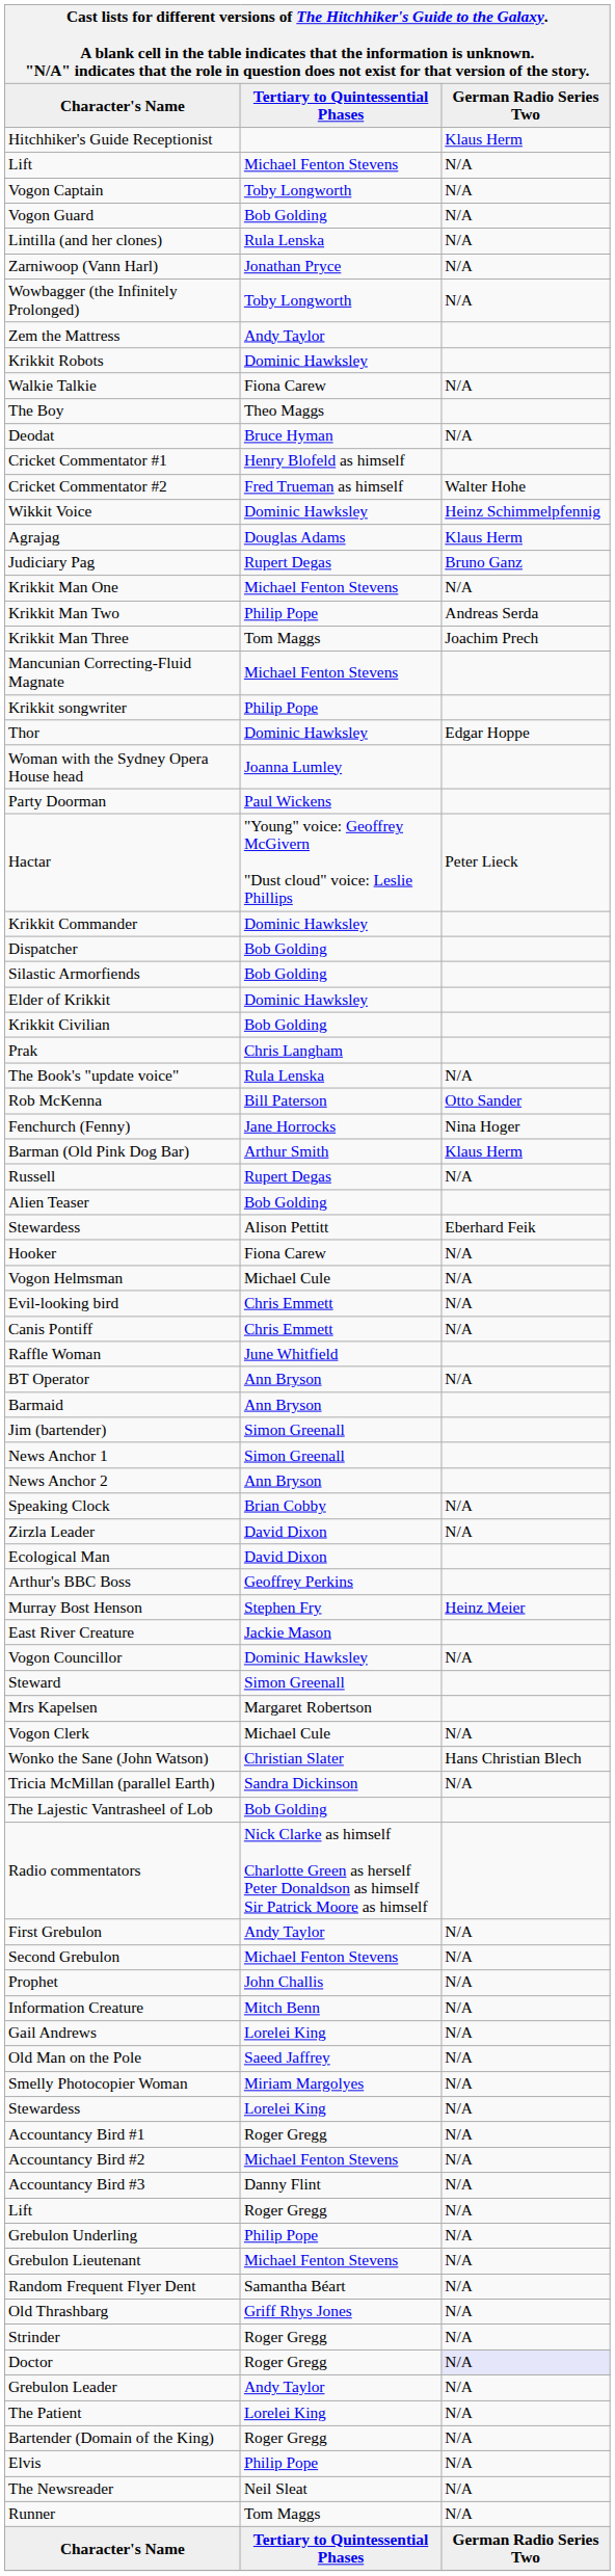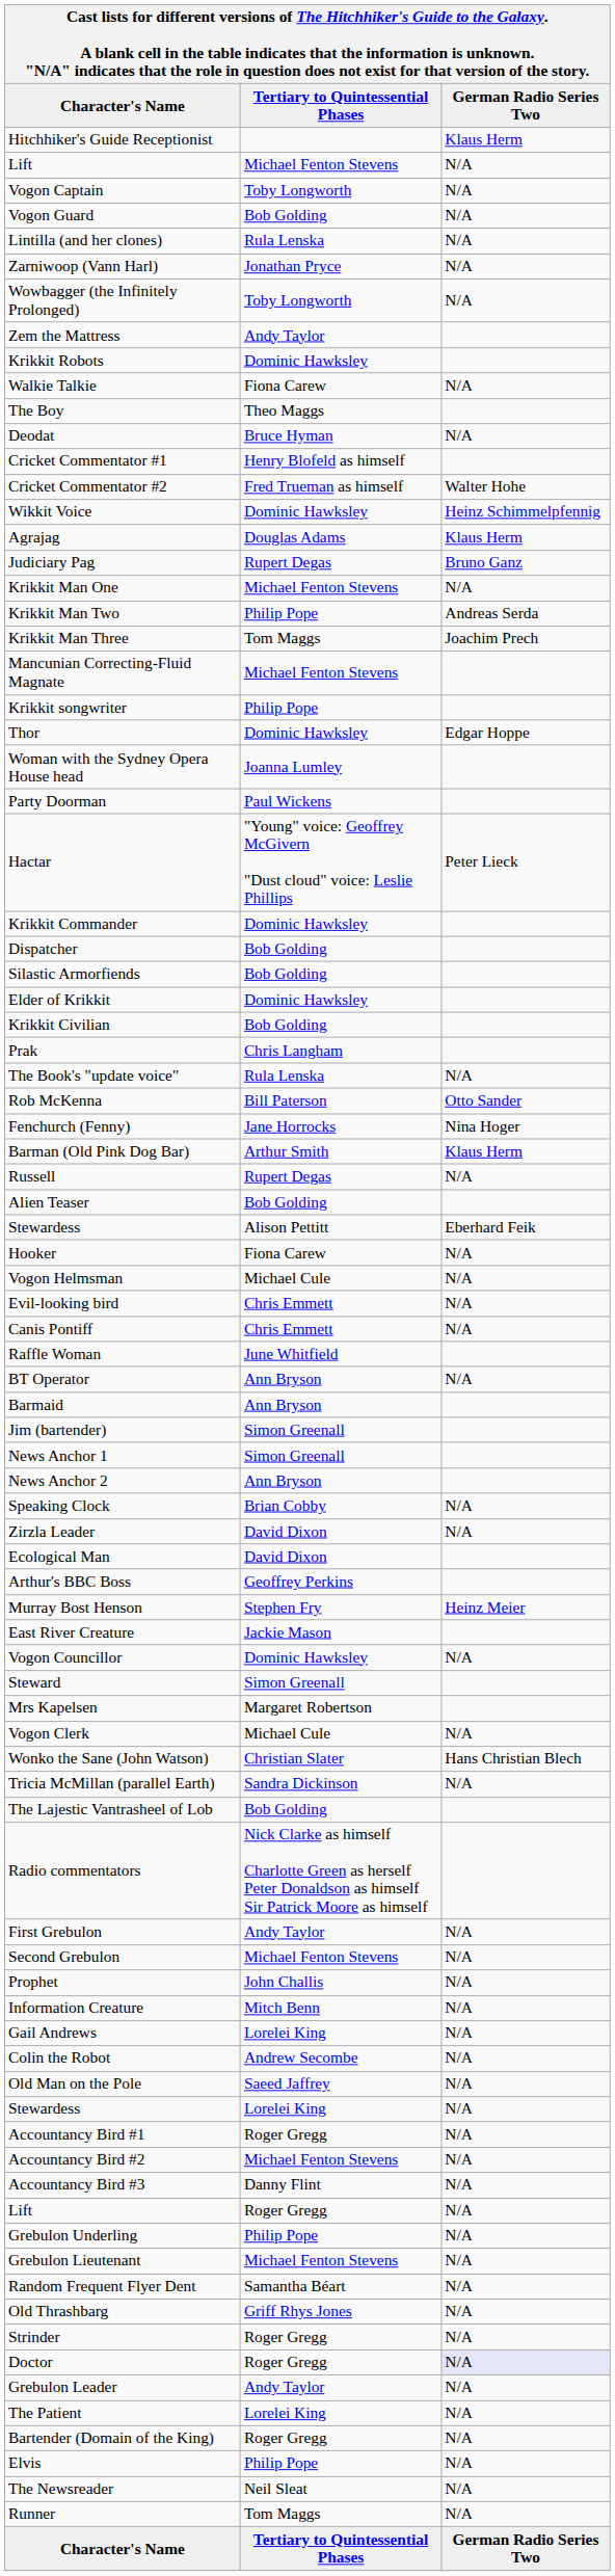 <table class="wikitable">
 <tr>
 <th colspan="3">Cast lists for different versions of <em><a href='#'>The Hitchhiker's Guide to the Galaxy</a></em>.<br><br>A blank cell in the table indicates that the information is unknown.<br> "N/A" indicates that the role in question does not exist for that version of the story.<br></th>
 </tr>
 <tr>
 <th style="background:#efefef;">Character's Name</th>
 <th style="background:#efefef;"><a href='#'>Tertiary to Quintessential Phases</a></th>
 <th style="background:#efefef;">German Radio Series Two</th>
 </tr>
 <tr>
 <td>Hitchhiker's Guide Receptionist</td>
 <td></td>
 <td><a href='#'>Klaus Herm</a></td>
 </tr>
 <tr>
 <td>Lift</td>
 <td><a href='#'>Michael Fenton Stevens</a></td>
 <td>N/A</td>
 </tr>
 <tr>
 <td>Vogon Captain</td>
 <td><a href='#'>Toby Longworth</a></td>
 <td>N/A</td>
 </tr>
 <tr>
 <td>Vogon Guard</td>
 <td><a href='#'>Bob Golding</a></td>
 <td>N/A</td>
 </tr>
 <tr>
 <td>Lintilla (and her clones)</td>
 <td><a href='#'>Rula Lenska</a></td>
 <td>N/A</td>
 </tr>
 <tr>
 <td>Zarniwoop (Vann Harl)</td>
 <td><a href='#'>Jonathan Pryce</a></td>
 <td>N/A</td>
 </tr>
 <tr>
 <td>Wowbagger (the Infinitely Prolonged)</td>
 <td><a href='#'>Toby Longworth</a></td>
 <td>N/A</td>
 </tr>
 <tr>
 <td>Zem the Mattress</td>
 <td><a href='#'>Andy Taylor</a></td>
 <td></td>
 </tr>
 <tr>
 <td>Krikkit Robots</td>
 <td><a href='#'>Dominic Hawksley</a></td>
 <td></td>
 </tr>
 <tr>
 <td>Walkie Talkie</td>
 <td>Fiona Carew</td>
 <td>N/A</td>
 </tr>
 <tr>
 <td>The Boy</td>
 <td>Theo Maggs</td>
 <td></td>
 </tr>
 <tr>
 <td>Deodat</td>
 <td><a href='#'>Bruce Hyman</a></td>
 <td>N/A</td>
 </tr>
 <tr>
 <td>Cricket Commentator #1</td>
 <td><a href='#'>Henry Blofeld</a> as himself</td>
 <td></td>
 </tr>
 <tr>
 <td>Cricket Commentator #2</td>
 <td><a href='#'>Fred Trueman</a> as himself</td>
 <td>Walter Hohe</td>
 </tr>
 <tr>
 <td>Wikkit Voice</td>
 <td><a href='#'>Dominic Hawksley</a></td>
 <td><a href='#'>Heinz Schimmelpfennig</a></td>
 </tr>
 <tr>
 <td>Agrajag</td>
 <td><a href='#'>Douglas Adams</a></td>
 <td><a href='#'>Klaus Herm</a></td>
 </tr>
 <tr>
 <td>Judiciary Pag</td>
 <td><a href='#'>Rupert Degas</a></td>
 <td><a href='#'>Bruno Ganz</a></td>
 </tr>
 <tr>
 <td>Krikkit Man One</td>
 <td><a href='#'>Michael Fenton Stevens</a></td>
 <td>N/A</td>
 </tr>
 <tr>
 <td>Krikkit Man Two</td>
 <td><a href='#'>Philip Pope</a></td>
 <td>Andreas Serda</td>
 </tr>
 <tr>
 <td>Krikkit Man Three</td>
 <td>Tom Maggs</td>
 <td>Joachim Prech</td>
 </tr>
 <tr>
 <td>Mancunian Correcting-Fluid Magnate</td>
 <td><a href='#'>Michael Fenton Stevens</a></td>
 <td></td>
 </tr>
 <tr>
 <td>Krikkit songwriter</td>
 <td><a href='#'>Philip Pope</a></td>
 <td></td>
 </tr>
 <tr>
 <td>Thor</td>
 <td><a href='#'>Dominic Hawksley</a></td>
 <td>Edgar Hoppe</td>
 </tr>
 <tr>
 <td>Woman with the Sydney Opera House head</td>
 <td><a href='#'>Joanna Lumley</a></td>
 <td></td>
 </tr>
 <tr>
 <td>Party Doorman</td>
 <td><a href='#'>Paul Wickens</a></td>
 <td></td>
 </tr>
 <tr>
 <td>Hactar</td>
 <td>"Young" voice: <a href='#'>Geoffrey McGivern</a><br><br>"Dust cloud" voice: <a href='#'>Leslie Phillips</a></td>
 <td>Peter Lieck</td>
 </tr>
 <tr>
 <td>Krikkit Commander</td>
 <td><a href='#'>Dominic Hawksley</a></td>
 <td></td>
 </tr>
 <tr>
 <td>Dispatcher</td>
 <td><a href='#'>Bob Golding</a></td>
 <td></td>
 </tr>
 <tr>
 <td>Silastic Armorfiends</td>
 <td><a href='#'>Bob Golding</a></td>
 <td></td>
 </tr>
 <tr>
 <td>Elder of Krikkit</td>
 <td><a href='#'>Dominic Hawksley</a></td>
 <td></td>
 </tr>
 <tr>
 <td>Krikkit Civilian</td>
 <td><a href='#'>Bob Golding</a></td>
 <td></td>
 </tr>
 <tr>
 <td>Prak</td>
 <td><a href='#'>Chris Langham</a></td>
 <td></td>
 </tr>
 <tr>
 <td>The Book's "update voice"</td>
 <td><a href='#'>Rula Lenska</a></td>
 <td>N/A</td>
 </tr>
 <tr>
 <td>Rob McKenna</td>
 <td><a href='#'>Bill Paterson</a></td>
 <td><a href='#'>Otto Sander</a></td>
 </tr>
 <tr>
 <td>Fenchurch (Fenny)</td>
 <td><a href='#'>Jane Horrocks</a></td>
 <td>Nina Hoger</td>
 </tr>
 <tr>
 <td>Barman (Old Pink Dog Bar)</td>
 <td><a href='#'>Arthur Smith</a></td>
 <td><a href='#'>Klaus Herm</a></td>
 </tr>
 <tr>
 <td>Russell</td>
 <td><a href='#'>Rupert Degas</a></td>
 <td>N/A</td>
 </tr>
 <tr>
 <td>Alien Teaser</td>
 <td><a href='#'>Bob Golding</a></td>
 <td></td>
 </tr>
 <tr>
 <td>Stewardess</td>
 <td>Alison Pettitt</td>
 <td>Eberhard Feik</td>
 </tr>
 <tr>
 <td>Hooker</td>
 <td>Fiona Carew</td>
 <td>N/A</td>
 </tr>
 <tr>
 <td>Vogon Helmsman</td>
 <td>Michael Cule</td>
 <td>N/A</td>
 </tr>
 <tr>
 <td>Evil-looking bird</td>
 <td><a href='#'>Chris Emmett</a></td>
 <td>N/A</td>
 </tr>
 <tr>
 <td>Canis Pontiff</td>
 <td><a href='#'>Chris Emmett</a></td>
 <td>N/A</td>
 </tr>
 <tr>
 <td>Raffle Woman</td>
 <td><a href='#'>June Whitfield</a></td>
 <td></td>
 </tr>
 <tr>
 <td>BT Operator</td>
 <td><a href='#'>Ann Bryson</a></td>
 <td>N/A</td>
 </tr>
 <tr>
 <td>Barmaid</td>
 <td><a href='#'>Ann Bryson</a></td>
 <td></td>
 </tr>
 <tr>
 <td>Jim (bartender)</td>
 <td><a href='#'>Simon Greenall</a></td>
 <td></td>
 </tr>
 <tr>
 <td>News Anchor 1</td>
 <td><a href='#'>Simon Greenall</a></td>
 <td></td>
 </tr>
 <tr>
 <td>News Anchor 2</td>
 <td><a href='#'>Ann Bryson</a></td>
 <td></td>
 </tr>
 <tr>
 <td>Speaking Clock</td>
 <td><a href='#'>Brian Cobby</a></td>
 <td>N/A</td>
 </tr>
 <tr>
 <td>Zirzla Leader</td>
 <td><a href='#'>David Dixon</a></td>
 <td>N/A</td>
 </tr>
 <tr>
 <td>Ecological Man</td>
 <td><a href='#'>David Dixon</a></td>
 <td></td>
 </tr>
 <tr>
 <td>Arthur's BBC Boss</td>
 <td><a href='#'>Geoffrey Perkins</a></td>
 <td></td>
 </tr>
 <tr>
 <td>Murray Bost Henson</td>
 <td><a href='#'>Stephen Fry</a></td>
 <td><a href='#'>Heinz Meier</a></td>
 </tr>
 <tr>
 <td>East River Creature</td>
 <td><a href='#'>Jackie Mason</a></td>
 <td></td>
 </tr>
 <tr>
 <td>Vogon Councillor</td>
 <td><a href='#'>Dominic Hawksley</a></td>
 <td>N/A</td>
 </tr>
 <tr>
 <td>Steward</td>
 <td><a href='#'>Simon Greenall</a></td>
 <td></td>
 </tr>
 <tr>
 <td>Mrs Kapelsen</td>
 <td>Margaret Robertson</td>
 <td></td>
 </tr>
 <tr>
 <td>Vogon Clerk</td>
 <td>Michael Cule</td>
 <td>N/A</td>
 </tr>
 <tr>
 <td>Wonko the Sane (John Watson)</td>
 <td><a href='#'>Christian Slater</a></td>
 <td>Hans Christian Blech</td>
 </tr>
 <tr>
 <td>Tricia McMillan (parallel Earth)</td>
 <td><a href='#'>Sandra Dickinson</a></td>
 <td>N/A</td>
 </tr>
 <tr>
 <td>The Lajestic Vantrasheel of Lob</td>
 <td><a href='#'>Bob Golding</a></td>
 <td></td>
 </tr>
 <tr>
 <td>Radio commentators</td>
 <td><a href='#'>Nick Clarke</a> as himself<br><br><a href='#'>Charlotte Green</a> as herself<br> <a href='#'>Peter Donaldson</a> as himself<br> <a href='#'>Sir Patrick Moore</a> as himself</td>
 <td></td>
 </tr>
 <tr>
 <td>First Grebulon</td>
 <td><a href='#'>Andy Taylor</a></td>
 <td>N/A</td>
 </tr>
 <tr>
 <td>Second Grebulon</td>
 <td><a href='#'>Michael Fenton Stevens</a></td>
 <td>N/A</td>
 </tr>
 <tr>
 <td>Prophet</td>
 <td><a href='#'>John Challis</a></td>
 <td>N/A</td>
 </tr>
 <tr>
 <td>Information Creature</td>
 <td><a href='#'>Mitch Benn</a></td>
 <td>N/A</td>
 </tr>
 <tr>
 <td>Gail Andrews</td>
 <td><a href='#'>Lorelei King</a></td>
 <td>N/A</td>
 </tr>
 <tr>
-<td>Old Man on the Pole</td>
-<td><a href='#'>Saeed Jaffrey</a></td>
+<td>Colin the Robot</td>
+<td><a href='#'>Andrew Secombe</a></td>
 <td>N/A</td>
 </tr>
 <tr>
-<td>Smelly Photocopier Woman</td>
-<td><a href='#'>Miriam Margolyes</a></td>
+<td>Old Man on the Pole</td>
+<td><a href='#'>Saeed Jaffrey</a></td>
 <td>N/A</td>
 </tr>
 <tr>
 <td>Stewardess</td>
 <td><a href='#'>Lorelei King</a></td>
 <td>N/A</td>
 </tr>
 <tr>
 <td>Accountancy Bird #1</td>
 <td>Roger Gregg</td>
 <td>N/A</td>
 </tr>
 <tr>
 <td>Accountancy Bird #2</td>
 <td><a href='#'>Michael Fenton Stevens</a></td>
 <td>N/A</td>
 </tr>
 <tr>
 <td>Accountancy Bird #3</td>
 <td>Danny Flint</td>
 <td>N/A</td>
 </tr>
 <tr>
 <td>Lift</td>
 <td>Roger Gregg</td>
 <td>N/A</td>
 </tr>
 <tr>
 <td>Grebulon Underling</td>
 <td><a href='#'>Philip Pope</a></td>
 <td>N/A</td>
 </tr>
 <tr>
 <td>Grebulon Lieutenant</td>
 <td><a href='#'>Michael Fenton Stevens</a></td>
 <td>N/A</td>
 </tr>
 <tr>
 <td>Random Frequent Flyer Dent</td>
 <td>Samantha Béart</td>
 <td>N/A</td>
 </tr>
 <tr>
 <td>Old Thrashbarg</td>
 <td><a href='#'>Griff Rhys Jones</a></td>
 <td>N/A</td>
 </tr>
 <tr>
 <td>Strinder</td>
 <td>Roger Gregg</td>
 <td>N/A</td>
 </tr>
 <tr>
 <td>Doctor</td>
 <td>Roger Gregg</td>
 <td style="background: lavender;">N/A</td>
 </tr>
 <tr>
 <td>Grebulon Leader</td>
 <td><a href='#'>Andy Taylor</a></td>
 <td>N/A</td>
 </tr>
 <tr>
 <td>The Patient</td>
 <td><a href='#'>Lorelei King</a></td>
 <td>N/A</td>
 </tr>
 <tr>
 <td>Bartender (Domain of the King)</td>
 <td>Roger Gregg</td>
 <td>N/A</td>
 </tr>
 <tr>
 <td>Elvis</td>
 <td><a href='#'>Philip Pope</a></td>
 <td>N/A</td>
 </tr>
 <tr>
 <td>The Newsreader</td>
 <td>Neil Sleat</td>
 <td>N/A</td>
 </tr>
 <tr>
 <td>Runner</td>
 <td>Tom Maggs</td>
 <td>N/A</td>
 </tr>
 <tr>
 <th style="background:#efefef;">Character's Name</th>
 <th style="background:#efefef;"><a href='#'>Tertiary to Quintessential Phases</a></th>
 <th style="background:#efefef;">German Radio Series Two</th>
 </tr>
 <tr>
 </tr>
 </table>
